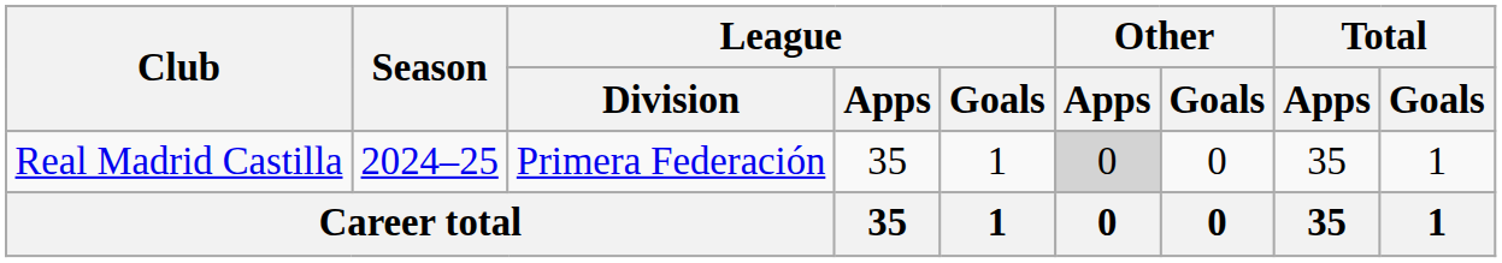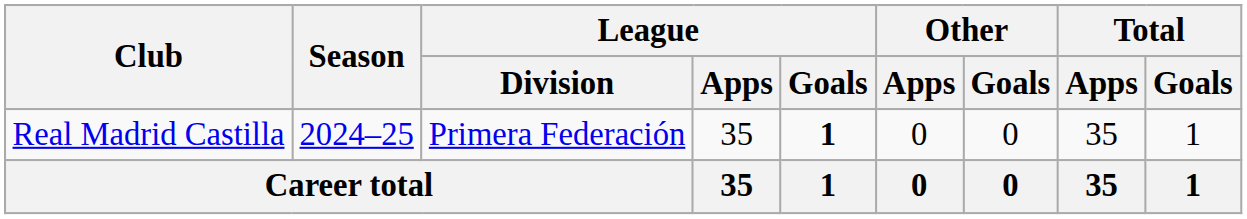 <table class="wikitable" style="text-align:center">
 <tr>
 <th rowspan=2>Club</th>
 <th rowspan=2>Season</th>
 <th colspan=3>League</th>
 <th colspan=2>Other</th>
 <th colspan=2>Total</th>
 </tr>
 <tr>
 <th>Division</th>
 <th>Apps</th>
 <th>Goals</th>
 <th>Apps</th>
 <th>Goals</th>
 <th>Apps</th>
 <th>Goals</th>
 </tr>
 <tr>
 <td><a href='#'>Real Madrid Castilla</a></td>
 <td><a href='#'>2024–25</a></td>
 <td><a href='#'>Primera Federación</a></td>
 <td>35</td>
-<td>1</td>
-<td style="background: lightgrey;">0</td>
+<td><strong>1</strong></td>
+<td>0</td>
 <td>0</td>
 <td>35</td>
 <td>1</td>
 </tr>
 <tr>
 <th colspan="3">Career total</th>
 <th>35</th>
 <th>1</th>
 <th>0</th>
 <th>0</th>
 <th>35</th>
 <th>1</th>
 </tr>
 </table>
